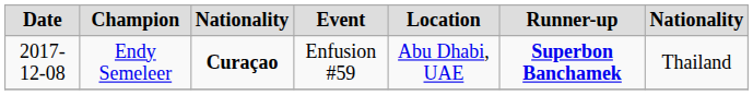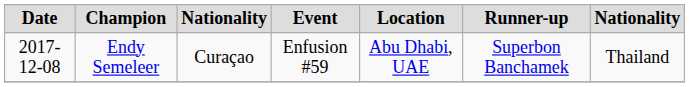 <table class="wikitable" style="text-align:center">
 <tr>
 </tr>
 <tr bgcolor="#dddddd">
 <td><strong>Date</strong></td>
 <td><strong>Champion</strong></td>
 <td><strong>Nationality</strong></td>
 <td><strong>Event</strong></td>
 <td><strong>Location</strong></td>
 <td><strong>Runner-up</strong></td>
 <td><strong>Nationality</strong></td>
 </tr>
 <tr>
 </tr>
 <tr>
 <td>2017-12-08</td>
 <td><a href='#'>Endy Semeleer</a></td>
-<td><strong> Curaçao</strong></td>
+<td> Curaçao</td>
 <td>Enfusion #59</td>
 <td><a href='#'>Abu Dhabi</a>, <a href='#'>UAE</a></td>
-<td><strong><a href='#'>Superbon Banchamek</a></strong></td>
+<td><a href='#'>Superbon Banchamek</a></td>
 <td> Thailand</td>
 </tr>
 <tr>
 </tr>
 </table>
